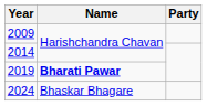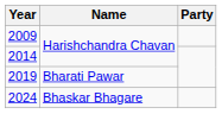 <table class="wikitable">
 <tr>
 <th>Year</th>
 <th>Name</th>
 <th colspan="2">Party</th>
 </tr>
 <tr>
 <td><a href='#'>2009</a></td>
 <td rowspan="2"><a href='#'>Harishchandra Chavan</a></td>
 <td></td>
 </tr>
 <tr>
 <td><a href='#'>2014</a></td>
 </tr>
 <tr>
 <td><a href='#'>2019</a></td>
-<td><strong><a href='#'>Bharati Pawar</a></strong></td>
+<td><a href='#'>Bharati Pawar</a></td>
 </tr>
 <tr>
 <td><a href='#'>2024</a></td>
 <td rowspan="2"><a href='#'>Bhaskar Bhagare</a></td>
 <td></td>
 </tr>
 </table>
